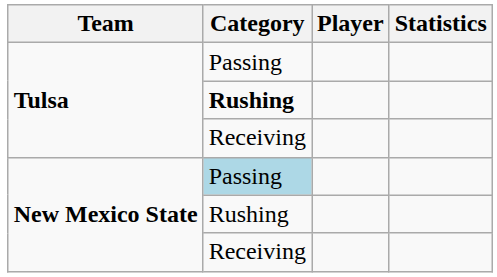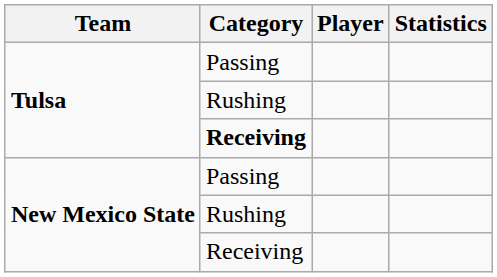 <table class="wikitable" style="float: right;">
 <tr>
 <th>Team</th>
 <th>Category</th>
 <th>Player</th>
 <th>Statistics</th>
 </tr>
 <tr>
 <td rowspan=3><strong>Tulsa</strong></td>
 <td>Passing</td>
 <td></td>
 <td></td>
 </tr>
 <tr>
-<td><strong>Rushing</strong></td>
+<td>Rushing</td>
 <td></td>
 <td></td>
 </tr>
 <tr>
-<td>Receiving</td>
+<td><strong>Receiving</strong></td>
 <td></td>
 <td></td>
 </tr>
 <tr>
 <td rowspan=3><strong>New Mexico State</strong></td>
-<td style="background: lightblue;">Passing</td>
+<td>Passing</td>
 <td></td>
 <td></td>
 </tr>
 <tr>
 <td>Rushing</td>
 <td></td>
 <td></td>
 </tr>
 <tr>
 <td>Receiving</td>
 <td></td>
 <td></td>
 </tr>
 </table>
